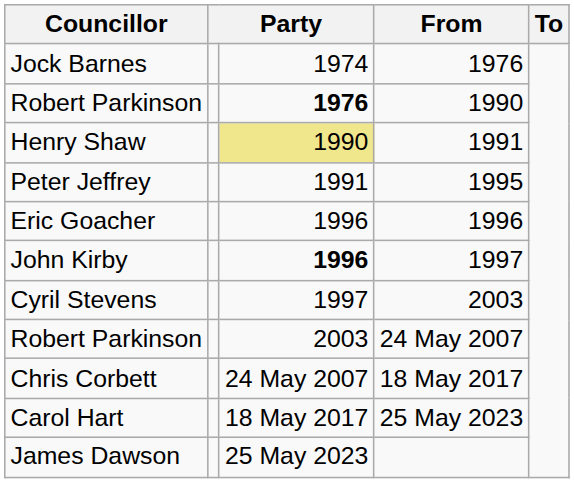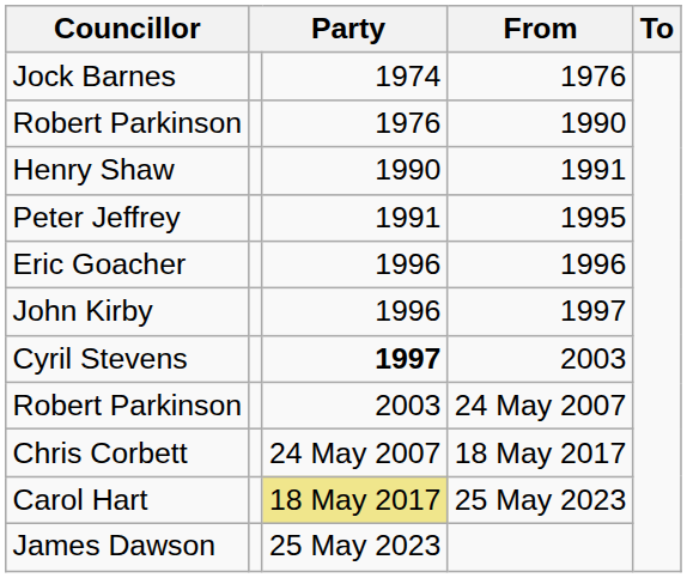 <table class=wikitable>
 <tr>
 <th>Councillor</th>
 <th colspan=2>Party</th>
 <th>From</th>
 <th>To</th>
 </tr>
 <tr>
 <td>Jock Barnes</td>
 <td></td>
 <td align=right>1974</td>
 <td align=right>1976</td>
 </tr>
 <tr>
 <td>Robert Parkinson</td>
 <td></td>
-<td align=right><strong>1976</strong></td>
+<td align=right>1976</td>
 <td align=right>1990</td>
 </tr>
 <tr>
 <td>Henry Shaw</td>
 <td></td>
-<td align=right style="background: khaki;">1990</td>
+<td align=right>1990</td>
 <td align=right>1991</td>
 </tr>
 <tr>
 <td>Peter Jeffrey</td>
 <td></td>
 <td align=right>1991</td>
 <td align=right>1995</td>
 </tr>
 <tr>
 <td>Eric Goacher</td>
 <td></td>
 <td align=right>1996</td>
 <td align=right>1996</td>
 </tr>
 <tr>
 <td>John Kirby</td>
 <td></td>
-<td align=right><strong>1996</strong></td>
+<td align=right>1996</td>
 <td align=right>1997</td>
 </tr>
 <tr>
 <td>Cyril Stevens</td>
 <td></td>
-<td align=right>1997</td>
+<td align=right><strong>1997</strong></td>
 <td align=right>2003</td>
 </tr>
 <tr>
 <td>Robert Parkinson</td>
 <td></td>
 <td align=right>2003</td>
 <td align=right>24 May 2007</td>
 </tr>
 <tr>
 <td>Chris Corbett</td>
 <td></td>
 <td align=right>24 May 2007</td>
 <td align=right>18 May 2017</td>
 </tr>
 <tr>
 <td>Carol Hart</td>
 <td></td>
-<td align=right>18 May 2017</td>
+<td align=right style="background: khaki;">18 May 2017</td>
 <td align=right>25 May 2023</td>
 </tr>
 <tr>
 <td>James Dawson</td>
 <td></td>
 <td align=right>25 May 2023</td>
 <td align=right></td>
 </tr>
 </table>
